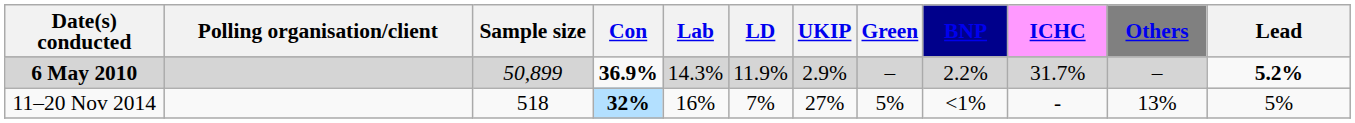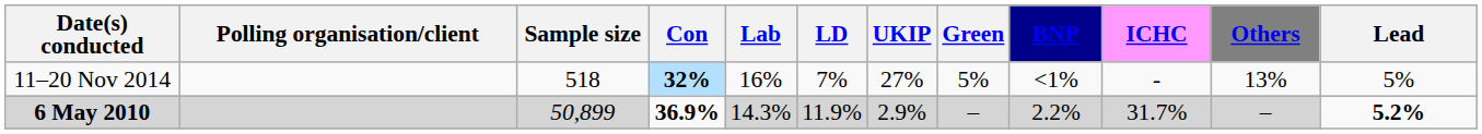 <table class="wikitable sortable" style="text-align:center;font-size:90%;line-height:14px">
 <tr>
 <th ! style="width:100px;">Date(s)<br>conducted</th>
 <th style="width:200px;">Polling organisation/client</th>
 <th class="unsortable" style="width:75px;">Sample size</th>
 <th class="unsortable" style="background:"><a href='#'><span>Con</span></a></th>
 <th class="unsortable" style="background:"><a href='#'><span>Lab</span></a></th>
 <th class="unsortable" style="background:"><a href='#'><span>LD</span></a></th>
 <th class="unsortable" style="background:"><a href='#'><span>UKIP</span></a></th>
 <th class="unsortable" style="background:"><a href='#'><span>Green</span></a></th>
 <th class="unsortable" style="background:#00008B; text-color:white; width:50px;"><a href='#'><span>BNP</span></a></th>
 <th class="unsortable" style="background: #FF99FF; width:60px;"><a href='#'><span>ICHC</span></a></th>
 <th class="unsortable" style="background:gray; width:60px;"><a href='#'><span>Others</span></a></th>
 <th class="unsortable" style="width:90px;">Lead</th>
 </tr>
 <tr>
+<td>11–20 Nov 2014</td>
+<td> </td>
+<td>518</td>
+<td style="background:#B3E0FF"><strong>32%</strong></td>
+<td>16%</td>
+<td>7%</td>
+<td>27%</td>
+<td>5%</td>
+<td><1%</td>
+<td>-</td>
+<td>13%</td>
+<td style="background:">5%</td>
+</tr>
+<tr>
 <td style="background:#D5D5D5"><strong>6 May 2010</strong></td>
 <td style="background:#D5D5D5"></td>
 <td style="background:#D5D5D5"><em>50,899</em></td>
 <td style="background:"><strong>36.9%</strong></td>
 <td style="background:#D5D5D5">14.3%</td>
 <td style="background:#D5D5D5">11.9%</td>
 <td style="background:#D5D5D5">2.9%</td>
 <td style="background:#D5D5D5">–</td>
 <td style="background:#D5D5D5">2.2%</td>
 <td style="background:#D5D5D5">31.7%</td>
 <td style="background:#D5D5D5">–</td>
 <td style="background:"><strong>5.2% </strong></td>
 </tr>
-<tr>
-<td>11–20 Nov 2014</td>
-<td> </td>
-<td>518</td>
-<td style="background:#B3E0FF"><strong>32%</strong></td>
-<td>16%</td>
-<td>7%</td>
-<td>27%</td>
-<td>5%</td>
-<td><1%</td>
-<td>-</td>
-<td>13%</td>
-<td style="background:">5%</td>
-</tr>
 </table>
